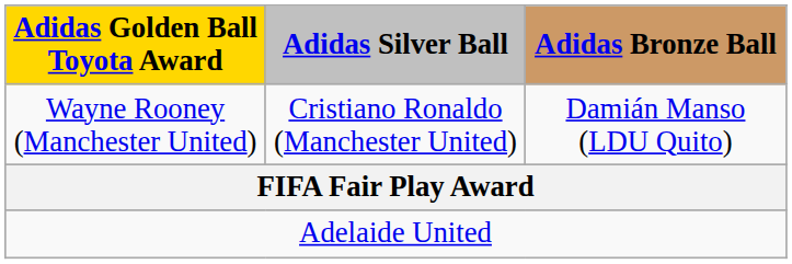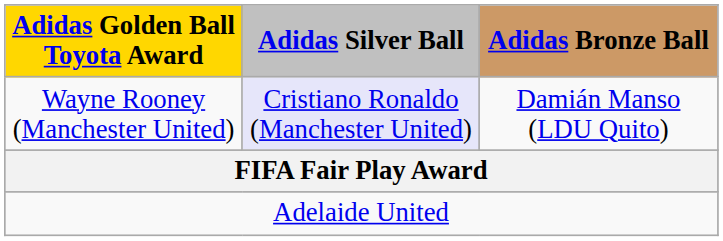 <table class="wikitable" style="text-align:center">
 <tr>
 <th style="background:gold; width:33%"><a href='#'>Adidas</a> Golden Ball<br><a href='#'>Toyota</a> Award</th>
 <th style="background:silver; width:33%"><a href='#'>Adidas</a> Silver Ball</th>
 <th style="background:#CC9966; width:33%"><a href='#'>Adidas</a> Bronze Ball</th>
 </tr>
 <tr>
 <td> <a href='#'>Wayne Rooney</a><br>(<a href='#'>Manchester United</a>)</td>
-<td> <a href='#'>Cristiano Ronaldo</a><br>(<a href='#'>Manchester United</a>)</td>
+<td style="background: lavender;"> <a href='#'>Cristiano Ronaldo</a><br>(<a href='#'>Manchester United</a>)</td>
 <td> <a href='#'>Damián Manso</a><br>(<a href='#'>LDU Quito</a>)</td>
 </tr>
 <tr>
 <th colspan="3">FIFA Fair Play Award</th>
 </tr>
 <tr>
 <td colspan="3"> <a href='#'>Adelaide United</a></td>
 </tr>
 </table>
